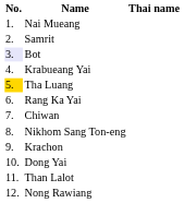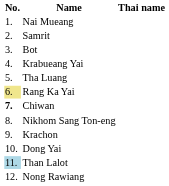 <table>
 <tr>
 <th>No.</th>
 <th>Name</th>
 <th>Thai name</th>
 </tr>
 <tr>
 <td>1.</td>
 <td>Nai Mueang</td>
 <td></td>
 <td></td>
 </tr>
 <tr>
 <td>2.</td>
 <td>Samrit</td>
 <td></td>
 <td></td>
 </tr>
 <tr>
-<td style="background: lavender;">3.</td>
+<td>3.</td>
 <td>Bot</td>
 <td></td>
 <td></td>
 </tr>
 <tr>
 <td>4.</td>
 <td>Krabueang Yai</td>
 <td></td>
 <td></td>
 </tr>
 <tr>
-<td style="background: gold;">5.</td>
+<td>5.</td>
 <td>Tha Luang</td>
 <td></td>
 <td></td>
 </tr>
 <tr>
-<td>6.</td>
+<td style="background: khaki;">6.</td>
 <td>Rang Ka Yai</td>
 <td></td>
 <td></td>
 </tr>
 <tr>
-<td>7.</td>
+<td><strong>7.</strong></td>
 <td>Chiwan</td>
 <td></td>
 <td></td>
 </tr>
 <tr>
 <td>8.</td>
 <td>Nikhom Sang Ton-eng</td>
 <td></td>
 <td></td>
 </tr>
 <tr>
 <td>9.</td>
 <td>Krachon</td>
 <td></td>
 <td></td>
 </tr>
 <tr>
 <td>10.</td>
 <td>Dong Yai</td>
 <td></td>
 <td></td>
 </tr>
 <tr>
-<td>11.</td>
+<td style="background: lightblue;">11.</td>
 <td>Than Lalot</td>
 <td></td>
 <td></td>
 </tr>
 <tr>
 <td>12.</td>
 <td>Nong Rawiang</td>
 <td></td>
 <td></td>
 </tr>
 </table>
